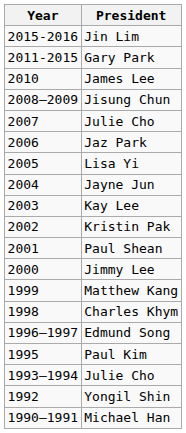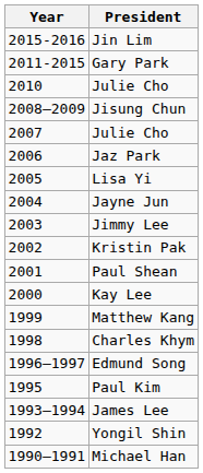 <table class="wikitable">
 <tr>
 <th>Year</th>
 <th>President</th>
 </tr>
 <tr>
 <td>2015-2016</td>
 <td>Jin Lim</td>
 </tr>
 <tr>
 <td>2011-2015</td>
 <td>Gary Park</td>
 </tr>
 <tr>
 <td>2010</td>
-<td>James Lee</td>
+<td>Julie Cho</td>
 </tr>
 <tr>
 <td>2008–2009</td>
 <td>Jisung Chun</td>
 </tr>
 <tr>
 <td>2007</td>
 <td>Julie Cho</td>
 </tr>
 <tr>
 <td>2006</td>
 <td>Jaz Park</td>
 </tr>
 <tr>
 <td>2005</td>
 <td>Lisa Yi</td>
 </tr>
 <tr>
 <td>2004</td>
 <td>Jayne Jun</td>
 </tr>
 <tr>
 <td>2003</td>
-<td>Kay Lee</td>
+<td>Jimmy Lee</td>
 </tr>
 <tr>
 <td>2002</td>
 <td>Kristin Pak</td>
 </tr>
 <tr>
 <td>2001</td>
 <td>Paul Shean</td>
 </tr>
 <tr>
 <td>2000</td>
-<td>Jimmy Lee</td>
+<td>Kay Lee</td>
 </tr>
 <tr>
 <td>1999</td>
 <td>Matthew Kang</td>
 </tr>
 <tr>
 <td>1998</td>
 <td>Charles Khym</td>
 </tr>
 <tr>
 <td>1996–1997</td>
 <td>Edmund Song</td>
 </tr>
 <tr>
 <td>1995</td>
 <td>Paul Kim</td>
 </tr>
 <tr>
 <td>1993–1994</td>
-<td>Julie Cho</td>
+<td>James Lee</td>
 </tr>
 <tr>
 <td>1992</td>
 <td>Yongil Shin</td>
 </tr>
 <tr>
 <td>1990–1991</td>
 <td>Michael Han</td>
 </tr>
 </table>
